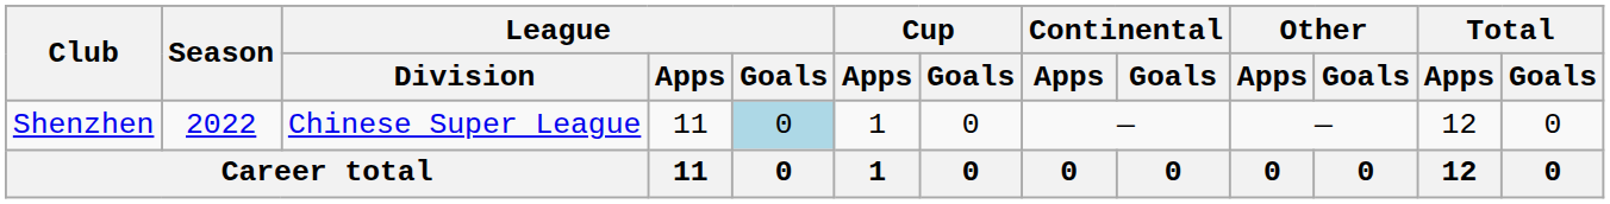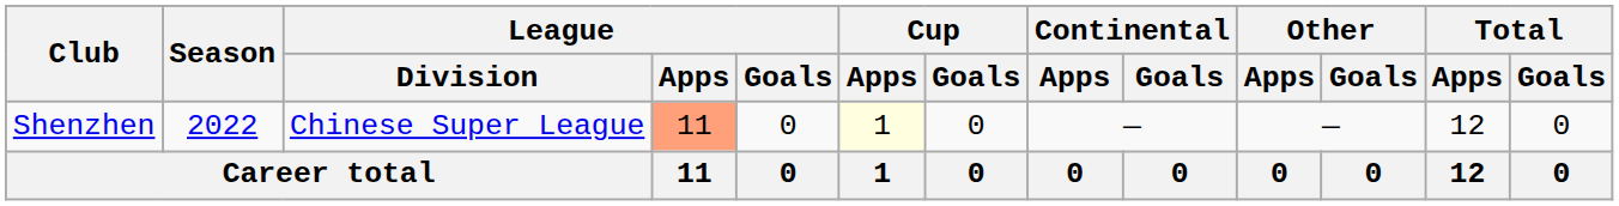 <table class="wikitable" style="text-align: center;">
 <tr>
 <th rowspan=2>Club</th>
 <th rowspan=2>Season</th>
 <th colspan=3>League</th>
 <th colspan=2>Cup</th>
 <th colspan=2>Continental</th>
 <th colspan=2>Other</th>
 <th colspan=2>Total</th>
 </tr>
 <tr>
 <th>Division</th>
 <th>Apps</th>
 <th>Goals</th>
 <th>Apps</th>
 <th>Goals</th>
 <th>Apps</th>
 <th>Goals</th>
 <th>Apps</th>
 <th>Goals</th>
 <th>Apps</th>
 <th>Goals</th>
 </tr>
 <tr>
 <td><a href='#'>Shenzhen</a></td>
 <td><a href='#'>2022</a></td>
 <td><a href='#'>Chinese Super League</a></td>
-<td>11</td>
-<td style="background: lightblue;">0</td>
-<td>1</td>
+<td style="background: lightsalmon;">11</td>
+<td>0</td>
+<td style="background: lightyellow;">1</td>
 <td>0</td>
 <td colspan="2">—</td>
 <td colspan="2">—</td>
 <td>12</td>
 <td>0</td>
 </tr>
 <tr>
 <th colspan=3>Career total</th>
 <th>11</th>
 <th>0</th>
 <th>1</th>
 <th>0</th>
 <th>0</th>
 <th>0</th>
 <th>0</th>
 <th>0</th>
 <th>12</th>
 <th>0</th>
 </tr>
 </table>
